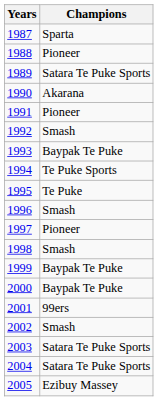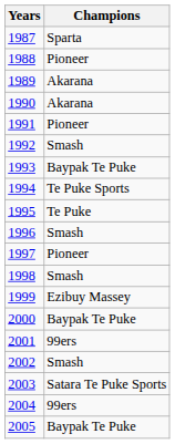 <table class="wikitable" style="display:inline-table;">
 <tr>
 <th>Years</th>
 <th>Champions</th>
 </tr>
 <tr>
 <td><a href='#'>1987</a></td>
 <td>Sparta</td>
 </tr>
 <tr>
 <td><a href='#'>1988</a></td>
 <td>Pioneer</td>
 </tr>
 <tr>
 <td><a href='#'>1989</a></td>
-<td>Satara Te Puke Sports</td>
+<td>Akarana</td>
 </tr>
 <tr>
 <td><a href='#'>1990</a></td>
 <td>Akarana</td>
 </tr>
 <tr>
 <td><a href='#'>1991</a></td>
 <td>Pioneer</td>
 </tr>
 <tr>
 <td><a href='#'>1992</a></td>
 <td>Smash</td>
 </tr>
 <tr>
 <td><a href='#'>1993</a></td>
 <td>Baypak Te Puke</td>
 </tr>
 <tr>
 <td><a href='#'>1994</a></td>
 <td>Te Puke Sports</td>
 </tr>
 <tr>
 <td><a href='#'>1995</a></td>
 <td>Te Puke</td>
 </tr>
 <tr>
 <td><a href='#'>1996</a></td>
 <td>Smash</td>
 </tr>
 <tr>
 <td><a href='#'>1997</a></td>
 <td>Pioneer</td>
 </tr>
 <tr>
 <td><a href='#'>1998</a></td>
 <td>Smash</td>
 </tr>
 <tr>
 <td><a href='#'>1999</a></td>
-<td>Baypak Te Puke</td>
+<td>Ezibuy Massey</td>
 </tr>
 <tr>
 <td><a href='#'>2000</a></td>
 <td>Baypak Te Puke</td>
 </tr>
 <tr>
 <td><a href='#'>2001</a></td>
 <td>99ers</td>
 </tr>
 <tr>
 <td><a href='#'>2002</a></td>
 <td>Smash</td>
 </tr>
 <tr>
 <td><a href='#'>2003</a></td>
 <td>Satara Te Puke Sports</td>
 </tr>
 <tr>
 <td><a href='#'>2004</a></td>
-<td>Satara Te Puke Sports</td>
+<td>99ers</td>
 </tr>
 <tr>
 <td><a href='#'>2005</a></td>
-<td>Ezibuy Massey</td>
+<td>Baypak Te Puke</td>
 </tr>
 </table>
